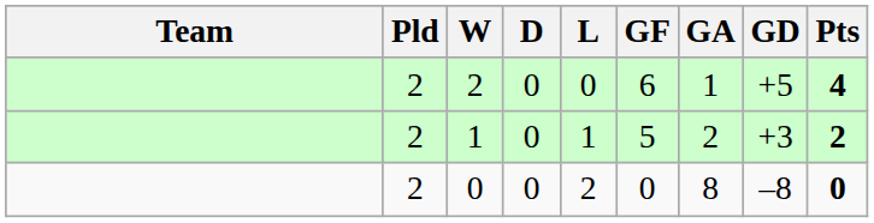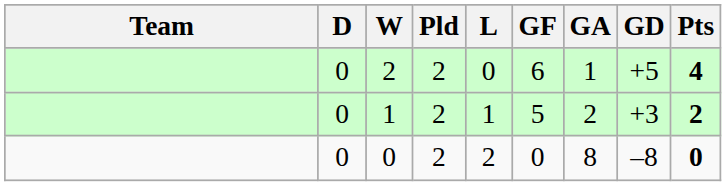 <table class="wikitable" style="text-align: center;">
 <tr>
 <th width="175">Team</th>
+<th width="20">D</th>
+<th width="20">W</th>
 <th width="20">Pld</th>
-<th width="20">W</th>
-<th width="20">D</th>
 <th width="20">L</th>
 <th width="20">GF</th>
 <th width="20">GA</th>
 <th width="20">GD</th>
 <th width="20">Pts</th>
 </tr>
 <tr bgcolor="ccffcc">
 <td style="text-align:left;"></td>
+<td>0</td>
 <td>2</td>
 <td>2</td>
-<td>0</td>
 <td>0</td>
 <td>6</td>
 <td>1</td>
 <td>+5</td>
 <td><strong>4</strong></td>
 </tr>
 <tr bgcolor="ccffcc">
 <td style="text-align:left;"></td>
+<td>0</td>
+<td>1</td>
 <td>2</td>
-<td>1</td>
-<td>0</td>
 <td>1</td>
 <td>5</td>
 <td>2</td>
 <td>+3</td>
 <td><strong>2</strong></td>
 </tr>
 <tr>
 <td style="text-align:left;"></td>
-<td>2</td>
 <td>0</td>
 <td>0</td>
+<td>2</td>
 <td>2</td>
 <td>0</td>
 <td>8</td>
 <td>–8</td>
 <td><strong>0</strong></td>
 </tr>
 </table>
